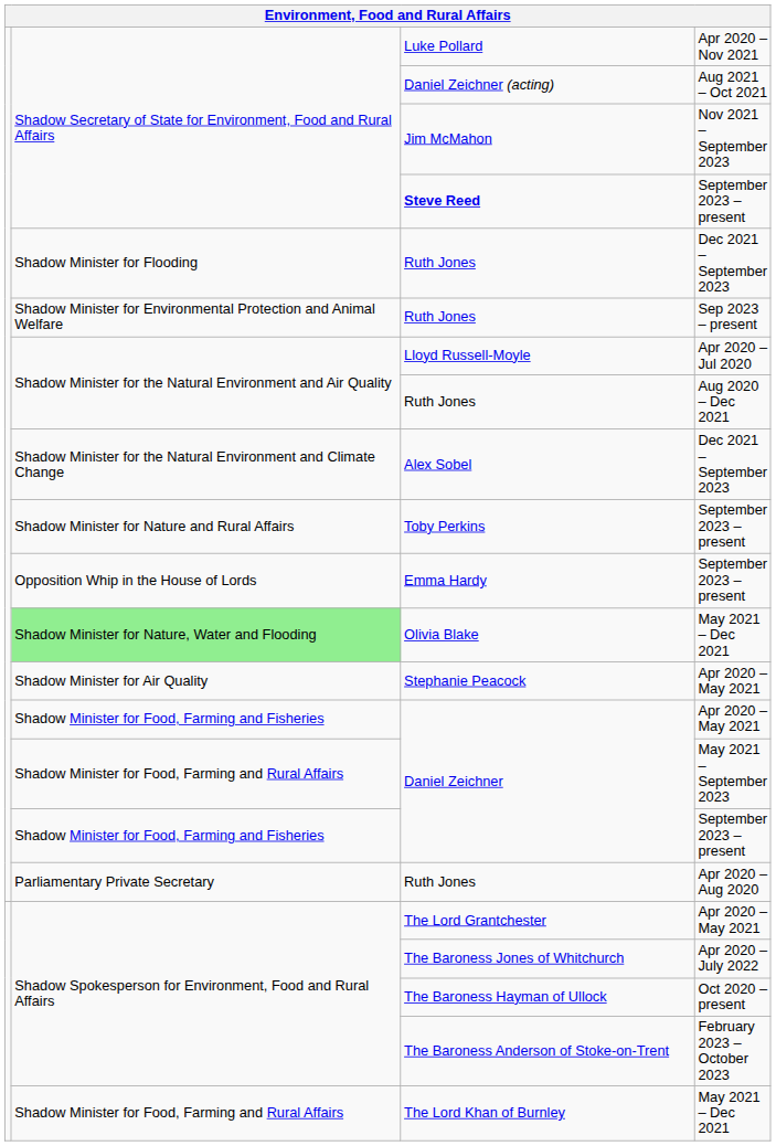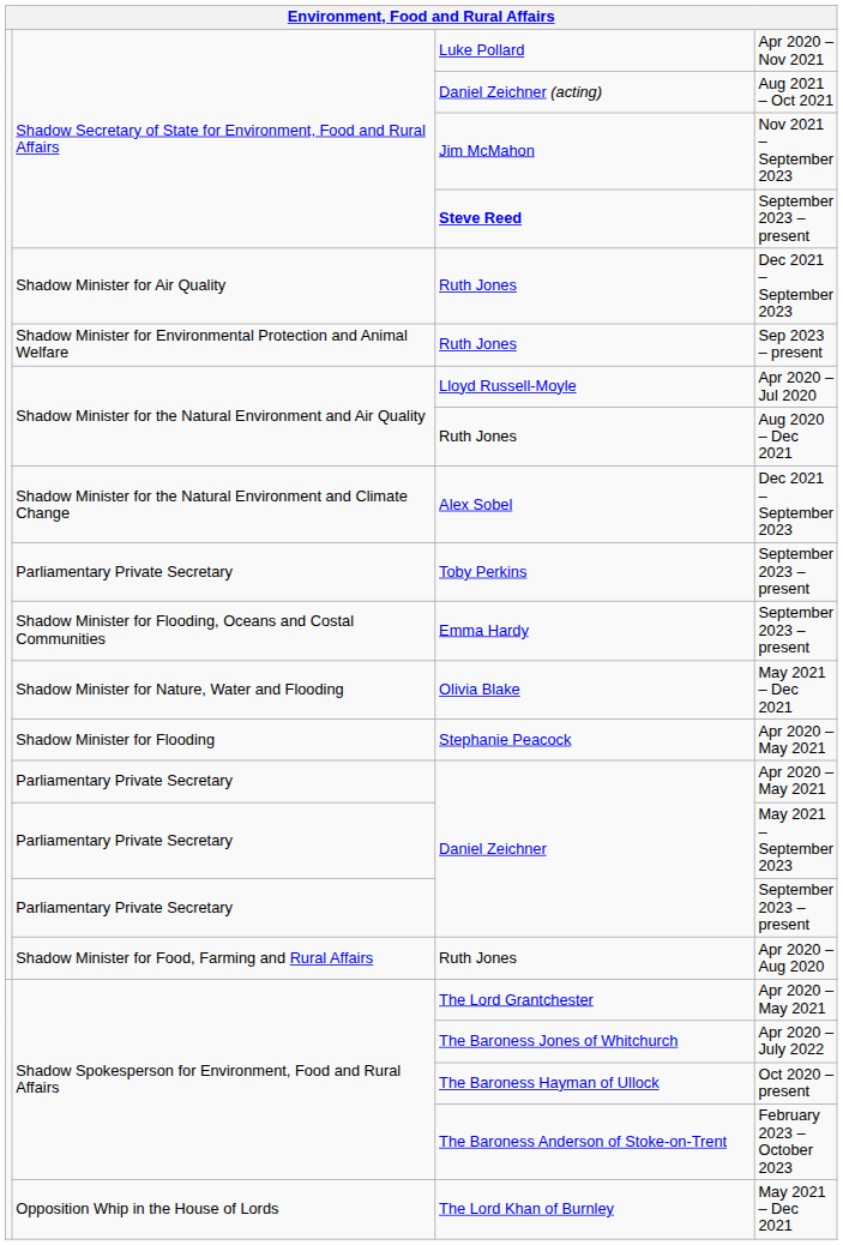 <table class="wikitable">
 <tr>
 <th colspan="4"><a href='#'>Environment, Food and Rural Affairs</a></th>
 </tr>
 <tr>
 <td rowspan="17" style="background: "></td>
 <td rowspan="4" style="width: 450px;"><a href='#'>Shadow Secretary of State for Environment, Food and Rural Affairs</a></td>
 <td style="width: 337px;"><a href='#'>Luke Pollard</a></td>
 <td>Apr 2020 – Nov 2021</td>
 </tr>
 <tr>
 <td><a href='#'>Daniel Zeichner</a> <em>(acting)</em></td>
 <td>Aug 2021 – Oct 2021</td>
 </tr>
 <tr>
 <td><a href='#'>Jim McMahon</a></td>
 <td>Nov 2021 – September 2023</td>
 </tr>
 <tr>
 <td><strong><a href='#'>Steve Reed</a></strong></td>
 <td>September 2023 – present</td>
 </tr>
 <tr>
-<td>Shadow Minister for Flooding</td>
+<td>Shadow Minister for Air Quality</td>
 <td><a href='#'>Ruth Jones</a></td>
 <td>Dec 2021 – September 2023</td>
 </tr>
 <tr>
 <td>Shadow Minister for Environmental Protection and Animal Welfare</td>
 <td><a href='#'>Ruth Jones</a></td>
 <td>Sep 2023 – present</td>
 </tr>
 <tr>
 <td rowspan="2">Shadow Minister for the Natural Environment and Air Quality</td>
 <td><a href='#'>Lloyd Russell-Moyle</a></td>
 <td>Apr 2020 – Jul 2020</td>
 </tr>
 <tr>
 <td>Ruth Jones</td>
 <td>Aug 2020 – Dec 2021</td>
 </tr>
 <tr>
 <td>Shadow Minister for the Natural Environment and Climate Change</td>
 <td><a href='#'>Alex Sobel</a></td>
 <td>Dec 2021 – September 2023</td>
 </tr>
 <tr>
-<td>Shadow Minister for Nature and Rural Affairs</td>
+<td>Parliamentary Private Secretary</td>
 <td><a href='#'>Toby Perkins</a></td>
 <td>September 2023 – present</td>
 </tr>
 <tr>
-<td>Opposition Whip in the House of Lords</td>
+<td>Shadow Minister for Flooding, Oceans and Costal Communities</td>
 <td><a href='#'>Emma Hardy</a></td>
 <td>September 2023 – present</td>
 </tr>
 <tr>
-<td style="background: lightgreen;">Shadow Minister for Nature, Water and Flooding</td>
+<td>Shadow Minister for Nature, Water and Flooding</td>
 <td><a href='#'>Olivia Blake</a></td>
 <td>May 2021 – Dec 2021</td>
 </tr>
 <tr>
-<td>Shadow Minister for Air Quality</td>
+<td>Shadow Minister for Flooding</td>
 <td><a href='#'>Stephanie Peacock</a></td>
 <td>Apr 2020 – May 2021</td>
 </tr>
 <tr>
-<td>Shadow <a href='#'>Minister for Food, Farming and Fisheries</a></td>
+<td>Parliamentary Private Secretary</td>
 <td rowspan="3"><a href='#'>Daniel Zeichner</a></td>
 <td>Apr 2020 – May 2021</td>
 </tr>
 <tr>
-<td>Shadow Minister for Food, Farming and <a href='#'>Rural Affairs</a></td>
+<td>Parliamentary Private Secretary</td>
 <td>May 2021 – September 2023</td>
 </tr>
 <tr>
-<td>Shadow <a href='#'>Minister for Food, Farming and Fisheries</a></td>
+<td>Parliamentary Private Secretary</td>
 <td>September 2023 – present</td>
 </tr>
 <tr>
-<td>Parliamentary Private Secretary</td>
+<td>Shadow Minister for Food, Farming and <a href='#'>Rural Affairs</a></td>
 <td>Ruth Jones</td>
 <td>Apr 2020 – Aug 2020</td>
 </tr>
 <tr>
 <td rowspan="5" style="background: "></td>
 <td rowspan="4">Shadow Spokesperson for Environment, Food and Rural Affairs</td>
 <td><a href='#'>The Lord Grantchester</a></td>
 <td>Apr 2020 – May 2021</td>
 </tr>
 <tr>
 <td><a href='#'>The Baroness Jones of Whitchurch</a></td>
 <td>Apr 2020 – July 2022</td>
 </tr>
 <tr>
 <td><a href='#'>The Baroness Hayman of Ullock</a></td>
 <td>Oct 2020 – present</td>
 </tr>
 <tr>
 <td><a href='#'>The Baroness Anderson of Stoke-on-Trent</a></td>
 <td>February 2023 – October 2023</td>
 </tr>
 <tr>
-<td>Shadow Minister for Food, Farming and <a href='#'>Rural Affairs</a></td>
+<td>Opposition Whip in the House of Lords</td>
 <td><a href='#'>The Lord Khan of Burnley</a></td>
 <td>May 2021 – Dec 2021</td>
 </tr>
 </table>
